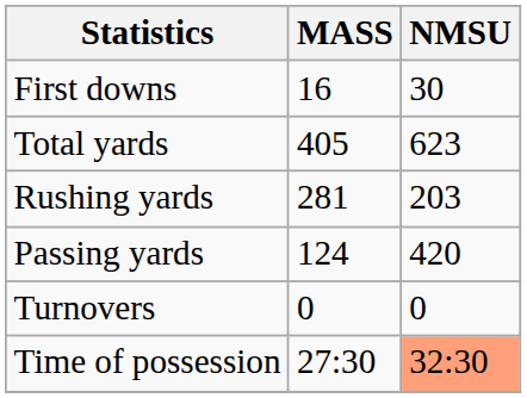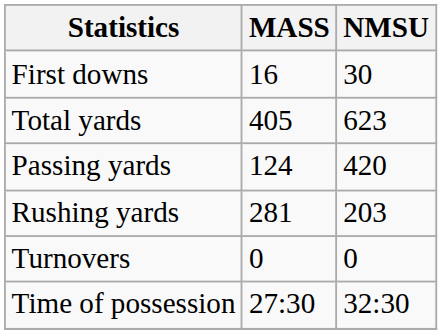 <table class="wikitable">
 <tr>
 <th>Statistics</th>
 <th>MASS</th>
 <th>NMSU</th>
 </tr>
 <tr>
 <td>First downs</td>
 <td>16</td>
 <td>30</td>
 </tr>
 <tr>
 <td>Total yards</td>
 <td>405</td>
 <td>623</td>
 </tr>
 <tr>
+<td>Passing yards</td>
+<td>124</td>
+<td>420</td>
+</tr>
+<tr>
 <td>Rushing yards</td>
 <td>281</td>
 <td>203</td>
-</tr>
-<tr>
-<td>Passing yards</td>
-<td>124</td>
-<td>420</td>
 </tr>
 <tr>
 <td>Turnovers</td>
 <td>0</td>
 <td>0</td>
 </tr>
 <tr>
 <td>Time of possession</td>
 <td>27:30</td>
-<td style="background: lightsalmon;">32:30</td>
+<td>32:30</td>
 </tr>
 <tr>
 </tr>
 </table>
